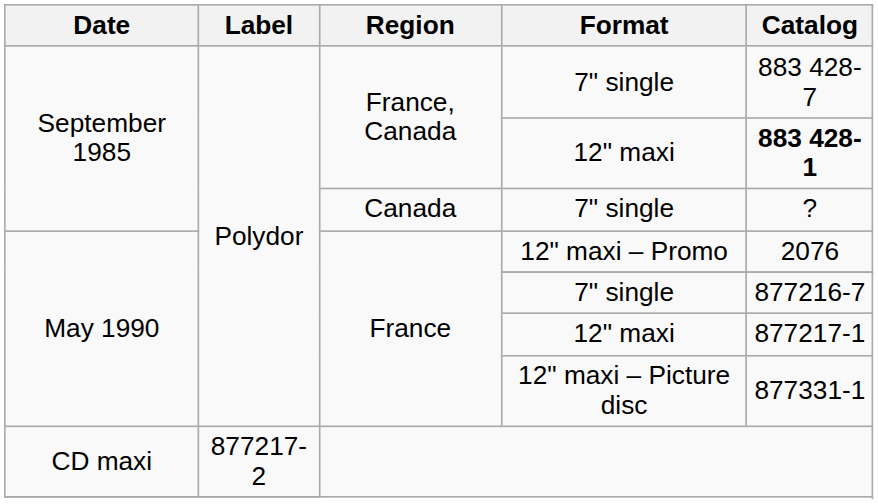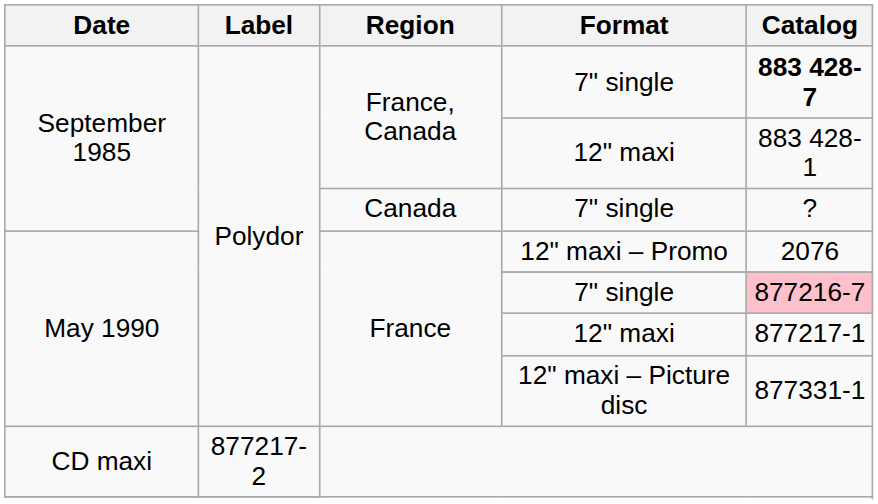 <table class="wikitable" width="60%" border="1">
 <tr>
 <th>Date</th>
 <th>Label</th>
 <th>Region</th>
 <th>Format</th>
 <th>Catalog</th>
 </tr>
 <tr>
 <td rowspan=3 align=center>September 1985</td>
 <td rowspan=8 align=center>Polydor</td>
 <td rowspan=2 align=center>France, Canada</td>
 <td align=center>7" single</td>
-<td align=center>883 428-7</td>
+<td align=center><strong>883 428-7</strong></td>
 </tr>
 <tr>
 <td align=center>12" maxi</td>
-<td align=center><strong>883 428-1</strong></td>
+<td align=center>883 428-1</td>
 </tr>
 <tr>
 <td align=center>Canada</td>
 <td align=center>7" single</td>
 <td align=center>?</td>
 </tr>
 <tr>
 <td rowspan=5 align=center>May 1990</td>
 <td rowspan=5 align=center>France</td>
 <td align=center>12" maxi – Promo</td>
 <td align=center>2076</td>
 </tr>
 <tr>
 </tr>
 <tr>
 <td align=center>7" single</td>
-<td align=center>877216-7</td>
+<td align=center style="background: pink;">877216-7</td>
 </tr>
 <tr>
 <td align=center>12" maxi</td>
 <td align=center>877217-1</td>
 </tr>
 <tr>
 <td align=center>12" maxi – Picture disc</td>
 <td align=center>877331-1</td>
 </tr>
 <tr>
 <td align=center>CD maxi</td>
 <td align=center>877217-2</td>
 </tr>
 <tr>
 </tr>
 </table>
